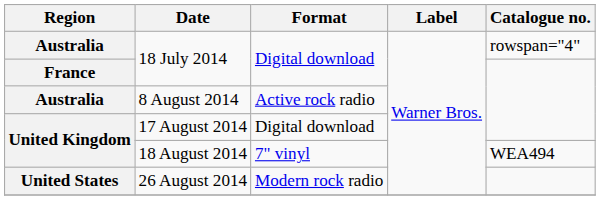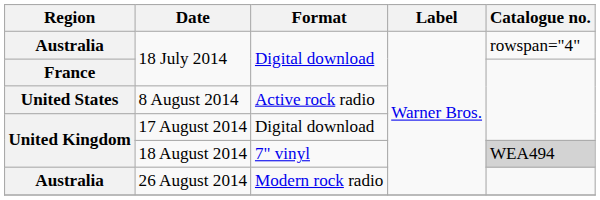 <table class="wikitable sortable plainrowheaders">
 <tr>
 <th scope="col">Region</th>
 <th scope="col">Date</th>
 <th scope="col">Format</th>
 <th scope="col">Label</th>
 <th scope="col" class="unsortable">Catalogue no.</th>
 </tr>
 <tr>
 <th scope="row">Australia</th>
 <td rowspan="2">18 July 2014</td>
 <td rowspan="2"><a href='#'>Digital download</a></td>
 <td rowspan="6"><a href='#'>Warner Bros.</a></td>
 <td>rowspan="4" </td>
 </tr>
 <tr>
 <th scope="row">France</th>
 </tr>
 <tr>
-<th scope="row">Australia</th>
+<th scope="row">United States</th>
 <td>8 August 2014</td>
 <td><a href='#'>Active rock</a> radio</td>
 </tr>
 <tr>
 <th scope="row" rowspan="2">United Kingdom</th>
 <td>17 August 2014</td>
 <td>Digital download</td>
 </tr>
 <tr>
 <td>18 August 2014</td>
 <td><a href='#'>7" vinyl</a></td>
-<td>WEA494</td>
+<td style="background: lightgrey;">WEA494</td>
 </tr>
 <tr>
-<th scope="row">United States</th>
+<th scope="row">Australia</th>
 <td>26 August 2014</td>
 <td><a href='#'>Modern rock</a> radio</td>
 <td></td>
 </tr>
 <tr>
 </tr>
 </table>
